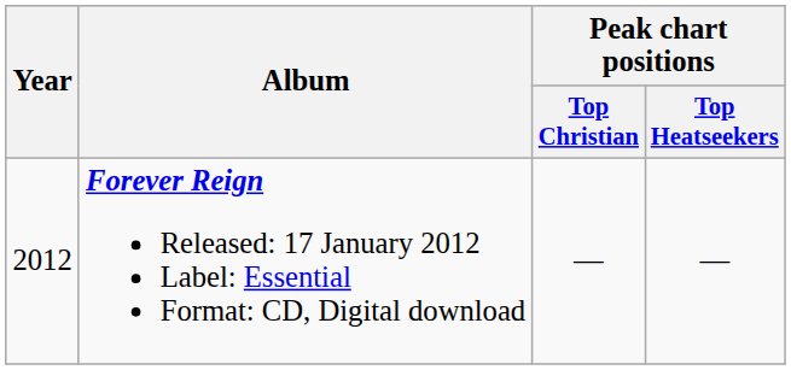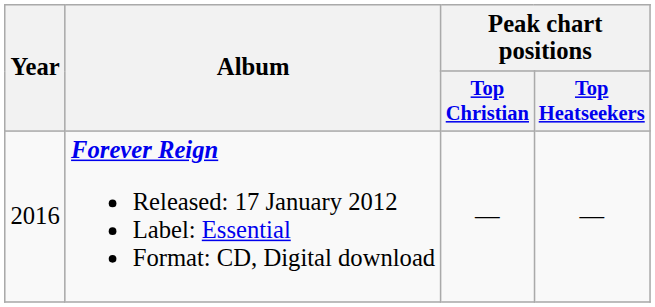 <table class="wikitable" style="text-align:center;">
 <tr>
 <th rowspan="2">Year</th>
 <th rowspan="2">Album</th>
 <th colspan="3">Peak chart positions</th>
 </tr>
 <tr style="font-size:smaller;">
 <th width="40"><a href='#'>Top<br>Christian</a></th>
 <th width="40"><a href='#'>Top<br>Heatseekers</a></th>
 </tr>
 <tr>
-<td>2012</td>
+<td>2016</td>
 <td align="left"><strong><em><a href='#'>Forever Reign</a></em></strong><br><ul><li>Released: 17 January 2012</li><li>Label: <a href='#'>Essential</a></li><li>Format: CD, Digital download</li></ul></td>
 <td>—</td>
 <td>—</td>
 </tr>
 </table>
